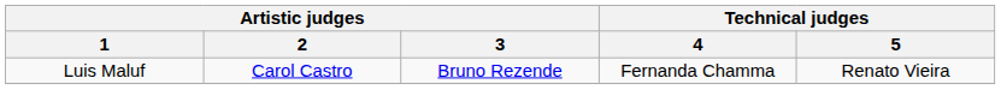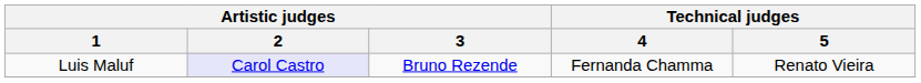 <table class="wikitable" style="font-size:100%; line-height:16px; text-align:center" width="100%">
 <tr>
 <th colspan=3>Artistic judges</th>
 <th colspan=2>Technical judges</th>
 </tr>
 <tr>
 <th style="width:20.0%;">1</th>
 <th style="width:20.0%;">2</th>
 <th style="width:20.0%;">3</th>
 <th style="width:20.0%;">4</th>
 <th style="width:20.0%;">5</th>
 </tr>
 <tr>
 <td>Luis Maluf</td>
-<td><a href='#'>Carol Castro</a></td>
+<td style="background: lavender;"><a href='#'>Carol Castro</a></td>
 <td><a href='#'>Bruno Rezende</a></td>
 <td>Fernanda Chamma</td>
 <td>Renato Vieira</td>
 </tr>
 <tr>
 </tr>
 </table>
